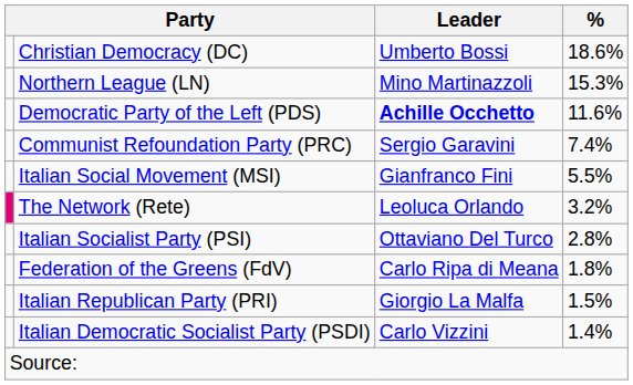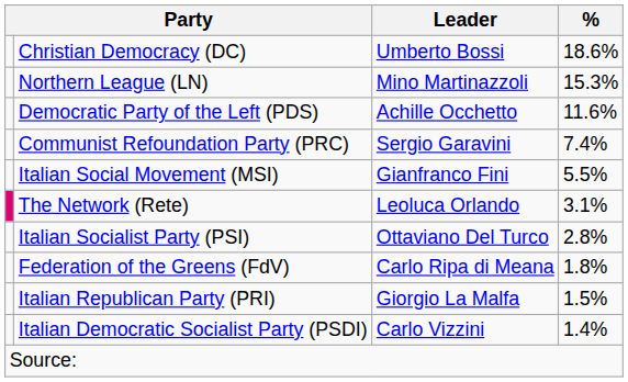 <table class=wikitable style=text-align:left>
 <tr>
 <th colspan=2>Party</th>
 <th>Leader</th>
 <th>%</th>
 </tr>
 <tr>
 <td></td>
 <td><a href='#'>Christian Democracy</a> (DC)</td>
 <td><a href='#'>Umberto Bossi</a></td>
 <td>18.6%</td>
 </tr>
 <tr>
 <td></td>
 <td><a href='#'>Northern League</a> (LN)</td>
 <td><a href='#'>Mino Martinazzoli</a></td>
 <td>15.3%</td>
 </tr>
 <tr>
 <td></td>
 <td><a href='#'>Democratic Party of the Left</a> (PDS)</td>
-<td><strong><a href='#'>Achille Occhetto</a></strong></td>
+<td><a href='#'>Achille Occhetto</a></td>
 <td>11.6%</td>
 </tr>
 <tr>
 <td></td>
 <td><a href='#'>Communist Refoundation Party</a> (PRC)</td>
 <td><a href='#'>Sergio Garavini</a></td>
 <td>7.4%</td>
 </tr>
 <tr>
 <td></td>
 <td><a href='#'>Italian Social Movement</a> (MSI)</td>
 <td><a href='#'>Gianfranco Fini</a></td>
 <td>5.5%</td>
 </tr>
 <tr>
 <td bgcolor="#DF0174"></td>
 <td><a href='#'>The Network</a> (Rete)</td>
 <td><a href='#'>Leoluca Orlando</a></td>
-<td>3.2%</td>
+<td>3.1%</td>
 </tr>
 <tr>
 <td></td>
 <td><a href='#'>Italian Socialist Party</a> (PSI)</td>
 <td><a href='#'>Ottaviano Del Turco</a></td>
 <td>2.8%</td>
 </tr>
 <tr>
 <td></td>
 <td><a href='#'>Federation of the Greens</a> (FdV)</td>
 <td><a href='#'>Carlo Ripa di Meana</a></td>
 <td>1.8%</td>
 </tr>
 <tr>
 <td></td>
 <td><a href='#'>Italian Republican Party</a> (PRI)</td>
 <td><a href='#'>Giorgio La Malfa</a></td>
 <td>1.5%</td>
 </tr>
 <tr>
 <td></td>
 <td><a href='#'>Italian Democratic Socialist Party</a> (PSDI)</td>
 <td><a href='#'>Carlo Vizzini</a></td>
 <td>1.4%</td>
 </tr>
 <tr>
 <td colspan=4>Source:  </td>
 </tr>
 </table>
